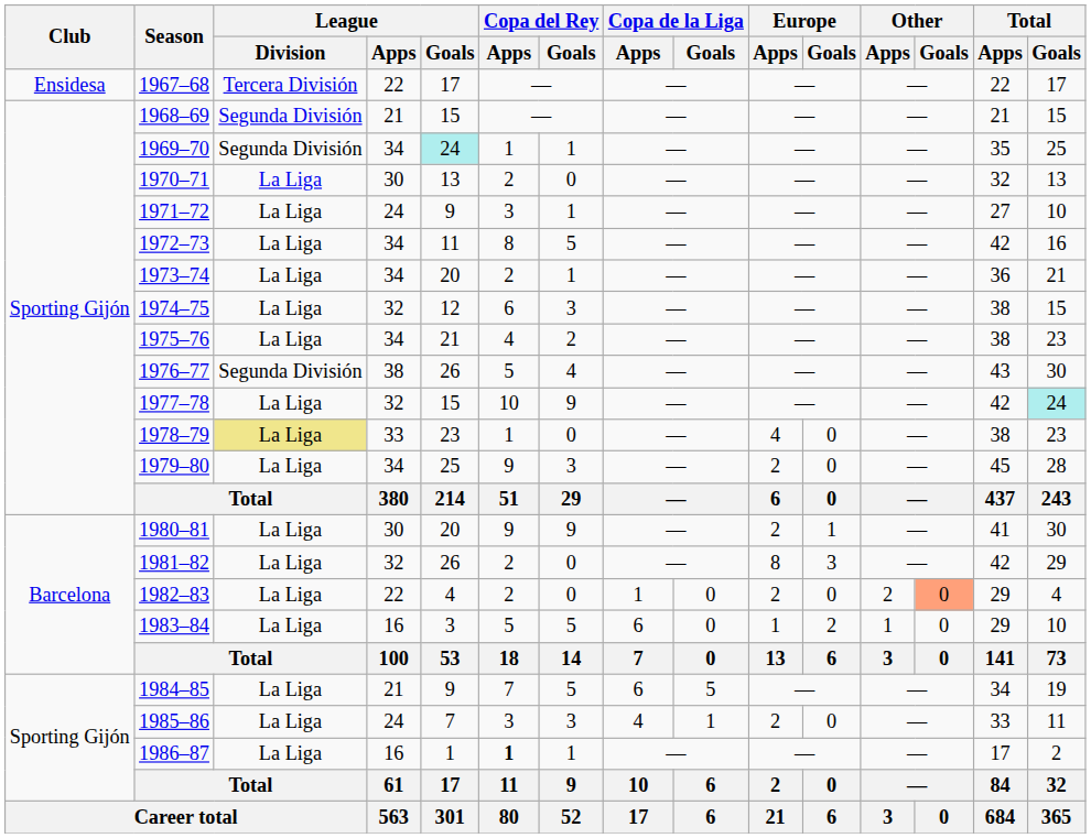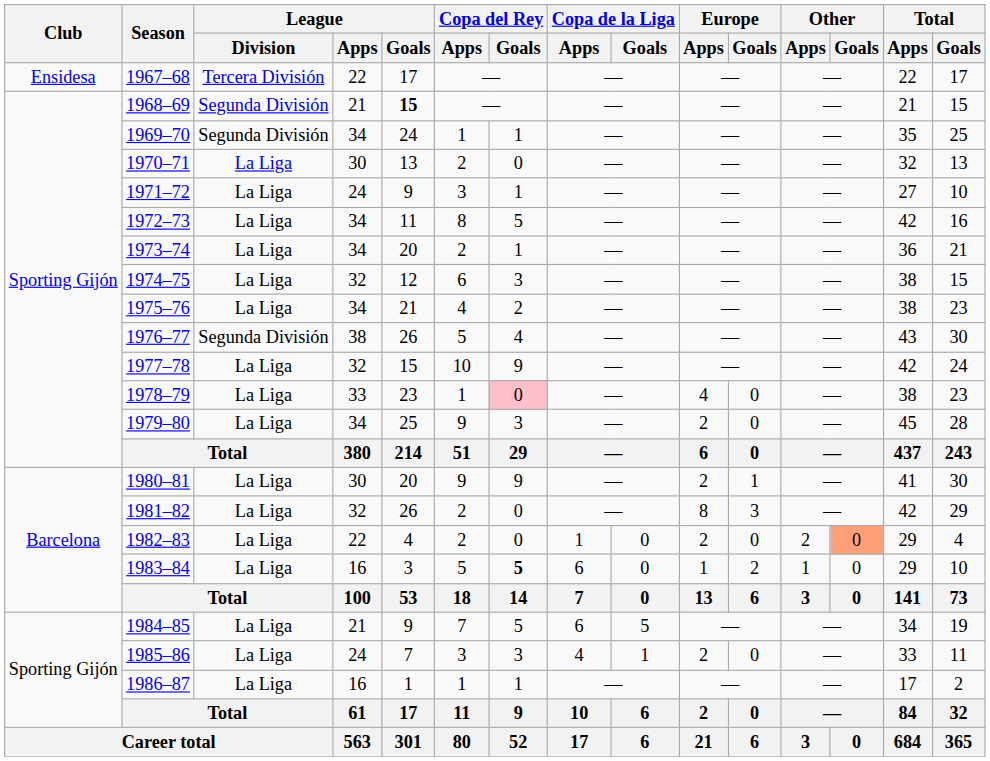 <table class="wikitable" style="text-align:center">
 <tr>
 <th rowspan="2">Club</th>
 <th rowspan="2">Season</th>
 <th colspan="3">League</th>
 <th colspan="2"><a href='#'>Copa del Rey</a></th>
 <th colspan="2"><a href='#'>Copa de la Liga</a></th>
 <th colspan="2">Europe</th>
 <th colspan="2">Other</th>
 <th colspan="2">Total</th>
 </tr>
 <tr>
 <th>Division</th>
 <th>Apps</th>
 <th>Goals</th>
 <th>Apps</th>
 <th>Goals</th>
 <th>Apps</th>
 <th>Goals</th>
 <th>Apps</th>
 <th>Goals</th>
 <th>Apps</th>
 <th>Goals</th>
 <th>Apps</th>
 <th>Goals</th>
 </tr>
 <tr>
 <td><a href='#'>Ensidesa</a></td>
 <td><a href='#'>1967–68</a></td>
 <td><a href='#'>Tercera División</a></td>
 <td>22</td>
 <td>17</td>
 <td colspan="2">—</td>
 <td colspan="2">—</td>
 <td colspan="2">—</td>
 <td colspan="2">—</td>
 <td>22</td>
 <td>17</td>
 </tr>
 <tr>
 <td rowspan="13"><a href='#'>Sporting Gijón</a></td>
 <td><a href='#'>1968–69</a></td>
 <td><a href='#'>Segunda División</a></td>
 <td>21</td>
-<td>15</td>
+<td><strong>15</strong></td>
 <td colspan="2">—</td>
 <td colspan="2">—</td>
 <td colspan="2">—</td>
 <td colspan="2">—</td>
 <td>21</td>
 <td>15</td>
 </tr>
 <tr>
 <td><a href='#'>1969–70</a></td>
 <td>Segunda División</td>
 <td>34</td>
-<td style="background: paleturquoise;">24</td>
+<td>24</td>
 <td>1</td>
 <td>1</td>
 <td colspan="2">—</td>
 <td colspan="2">—</td>
 <td colspan="2">—</td>
 <td>35</td>
 <td>25</td>
 </tr>
 <tr>
 <td><a href='#'>1970–71</a></td>
 <td><a href='#'>La Liga</a></td>
 <td>30</td>
 <td>13</td>
 <td>2</td>
 <td>0</td>
 <td colspan="2">—</td>
 <td colspan="2">—</td>
 <td colspan="2">—</td>
 <td>32</td>
 <td>13</td>
 </tr>
 <tr>
 <td><a href='#'>1971–72</a></td>
 <td>La Liga</td>
 <td>24</td>
 <td>9</td>
 <td>3</td>
 <td>1</td>
 <td colspan="2">—</td>
 <td colspan="2">—</td>
 <td colspan="2">—</td>
 <td>27</td>
 <td>10</td>
 </tr>
 <tr>
 <td><a href='#'>1972–73</a></td>
 <td>La Liga</td>
 <td>34</td>
 <td>11</td>
 <td>8</td>
 <td>5</td>
 <td colspan="2">—</td>
 <td colspan="2">—</td>
 <td colspan="2">—</td>
 <td>42</td>
 <td>16</td>
 </tr>
 <tr>
 <td><a href='#'>1973–74</a></td>
 <td>La Liga</td>
 <td>34</td>
 <td>20</td>
 <td>2</td>
 <td>1</td>
 <td colspan="2">—</td>
 <td colspan="2">—</td>
 <td colspan="2">—</td>
 <td>36</td>
 <td>21</td>
 </tr>
 <tr>
 <td><a href='#'>1974–75</a></td>
 <td>La Liga</td>
 <td>32</td>
 <td>12</td>
 <td>6</td>
 <td>3</td>
 <td colspan="2">—</td>
 <td colspan="2">—</td>
 <td colspan="2">—</td>
 <td>38</td>
 <td>15</td>
 </tr>
 <tr>
 <td><a href='#'>1975–76</a></td>
 <td>La Liga</td>
 <td>34</td>
 <td>21</td>
 <td>4</td>
 <td>2</td>
 <td colspan="2">—</td>
 <td colspan="2">—</td>
 <td colspan="2">—</td>
 <td>38</td>
 <td>23</td>
 </tr>
 <tr>
 <td><a href='#'>1976–77</a></td>
 <td>Segunda División</td>
 <td>38</td>
 <td>26</td>
 <td>5</td>
 <td>4</td>
 <td colspan="2">—</td>
 <td colspan="2">—</td>
 <td colspan="2">—</td>
 <td>43</td>
 <td>30</td>
 </tr>
 <tr>
 <td><a href='#'>1977–78</a></td>
 <td>La Liga</td>
 <td>32</td>
 <td>15</td>
 <td>10</td>
 <td>9</td>
 <td colspan="2">—</td>
 <td colspan="2">—</td>
 <td colspan="2">—</td>
 <td>42</td>
-<td style="background: paleturquoise;">24</td>
+<td>24</td>
 </tr>
 <tr>
 <td><a href='#'>1978–79</a></td>
-<td style="background: khaki;">La Liga</td>
+<td>La Liga</td>
 <td>33</td>
 <td>23</td>
 <td>1</td>
-<td>0</td>
+<td style="background: pink;">0</td>
 <td colspan="2">—</td>
 <td>4</td>
 <td>0</td>
 <td colspan="2">—</td>
 <td>38</td>
 <td>23</td>
 </tr>
 <tr>
 <td><a href='#'>1979–80</a></td>
 <td>La Liga</td>
 <td>34</td>
 <td>25</td>
 <td>9</td>
 <td>3</td>
 <td colspan="2">—</td>
 <td>2</td>
 <td>0</td>
 <td colspan="2">—</td>
 <td>45</td>
 <td>28</td>
 </tr>
 <tr>
 <th colspan="2">Total</th>
 <th>380</th>
 <th>214</th>
 <th>51</th>
 <th>29</th>
 <th colspan="2">—</th>
 <th>6</th>
 <th>0</th>
 <th colspan="2">—</th>
 <th>437</th>
 <th>243</th>
 </tr>
 <tr>
 <td rowspan="5"><a href='#'>Barcelona</a></td>
 <td><a href='#'>1980–81</a></td>
 <td>La Liga</td>
 <td>30</td>
 <td>20</td>
 <td>9</td>
 <td>9</td>
 <td colspan="2">—</td>
 <td>2</td>
 <td>1</td>
 <td colspan="2">—</td>
 <td>41</td>
 <td>30</td>
 </tr>
 <tr>
 <td><a href='#'>1981–82</a></td>
 <td>La Liga</td>
 <td>32</td>
 <td>26</td>
 <td>2</td>
 <td>0</td>
 <td colspan="2">—</td>
 <td>8</td>
 <td>3</td>
 <td colspan="2">—</td>
 <td>42</td>
 <td>29</td>
 </tr>
 <tr>
 <td><a href='#'>1982–83</a></td>
 <td>La Liga</td>
 <td>22</td>
 <td>4</td>
 <td>2</td>
 <td>0</td>
 <td>1</td>
 <td>0</td>
 <td>2</td>
 <td>0</td>
 <td>2</td>
 <td style="background: lightsalmon;">0</td>
 <td>29</td>
 <td>4</td>
 </tr>
 <tr>
 <td><a href='#'>1983–84</a></td>
 <td>La Liga</td>
 <td>16</td>
 <td>3</td>
 <td>5</td>
-<td>5</td>
+<td><strong>5</strong></td>
 <td>6</td>
 <td>0</td>
 <td>1</td>
 <td>2</td>
 <td>1</td>
 <td>0</td>
 <td>29</td>
 <td>10</td>
 </tr>
 <tr>
 <th colspan="2">Total</th>
 <th>100</th>
 <th>53</th>
 <th>18</th>
 <th>14</th>
 <th>7</th>
 <th>0</th>
 <th>13</th>
 <th>6</th>
 <th>3</th>
 <th>0</th>
 <th>141</th>
 <th>73</th>
 </tr>
 <tr>
 <td rowspan="4">Sporting Gijón</td>
 <td><a href='#'>1984–85</a></td>
 <td>La Liga</td>
 <td>21</td>
 <td>9</td>
 <td>7</td>
 <td>5</td>
 <td>6</td>
 <td>5</td>
 <td colspan="2">—</td>
 <td colspan="2">—</td>
 <td>34</td>
 <td>19</td>
 </tr>
 <tr>
 <td><a href='#'>1985–86</a></td>
 <td>La Liga</td>
 <td>24</td>
 <td>7</td>
 <td>3</td>
 <td>3</td>
 <td>4</td>
 <td>1</td>
 <td>2</td>
 <td>0</td>
 <td colspan="2">—</td>
 <td>33</td>
 <td>11</td>
 </tr>
 <tr>
 <td><a href='#'>1986–87</a></td>
 <td>La Liga</td>
 <td>16</td>
 <td>1</td>
-<td><strong>1</strong></td>
+<td>1</td>
 <td>1</td>
 <td colspan="2">—</td>
 <td colspan="2">—</td>
 <td colspan="2">—</td>
 <td>17</td>
 <td>2</td>
 </tr>
 <tr>
 <th colspan="2">Total</th>
 <th>61</th>
 <th>17</th>
 <th>11</th>
 <th>9</th>
 <th>10</th>
 <th>6</th>
 <th>2</th>
 <th>0</th>
 <th colspan="2">—</th>
 <th>84</th>
 <th>32</th>
 </tr>
 <tr>
 <th colspan="3">Career total</th>
 <th>563</th>
 <th>301</th>
 <th>80</th>
 <th>52</th>
 <th>17</th>
 <th>6</th>
 <th>21</th>
 <th>6</th>
 <th>3</th>
 <th>0</th>
 <th>684</th>
 <th>365</th>
 </tr>
 </table>
